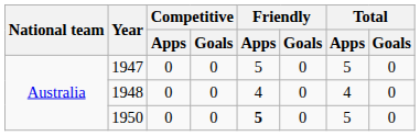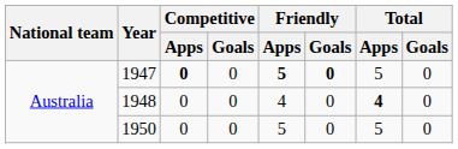 <table class="wikitable" style="text-align:center">
 <tr>
 <th rowspan="2">National team</th>
 <th rowspan="2">Year</th>
 <th colspan="2">Competitive</th>
 <th colspan="2">Friendly</th>
 <th colspan="2">Total</th>
 </tr>
 <tr>
 <th>Apps</th>
 <th>Goals</th>
 <th>Apps</th>
 <th>Goals</th>
 <th>Apps</th>
 <th>Goals</th>
 </tr>
 <tr>
 <td rowspan="3"><a href='#'>Australia</a></td>
 <td>1947</td>
+<td><strong>0</strong></td>
 <td>0</td>
-<td>0</td>
-<td>5</td>
-<td>0</td>
+<td><strong>5</strong></td>
+<td><strong>0</strong></td>
 <td>5</td>
 <td>0</td>
 </tr>
 <tr>
 <td>1948</td>
 <td>0</td>
 <td>0</td>
 <td>4</td>
 <td>0</td>
-<td>4</td>
+<td><strong>4</strong></td>
 <td>0</td>
 </tr>
 <tr>
 <td>1950</td>
 <td>0</td>
 <td>0</td>
-<td><strong>5</strong></td>
+<td>5</td>
 <td>0</td>
 <td>5</td>
 <td>0</td>
 </tr>
 </table>
